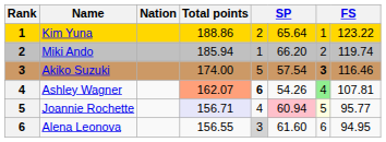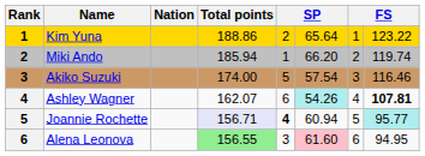 <table class="wikitable sortable">
 <tr>
 <th>Rank</th>
 <th>Name</th>
 <th>Nation</th>
 <th>Total points</th>
 <th colspan="2" width="80px"><a href='#'>SP</a></th>
 <th colspan="2" width="80px"><a href='#'>FS</a></th>
 </tr>
 <tr bgcolor="gold">
 <td align="center"><strong>1</strong></td>
 <td><a href='#'>Kim Yuna</a></td>
 <td></td>
 <td align="center">188.86</td>
 <td align="center">2</td>
 <td align="center">65.64</td>
 <td align="center">1</td>
 <td align="center">123.22</td>
 </tr>
 <tr bgcolor="silver">
 <td align="center"><strong>2</strong></td>
 <td><a href='#'>Miki Ando</a></td>
 <td></td>
 <td align="center">185.94</td>
 <td align="center">1</td>
 <td align="center">66.20</td>
 <td align="center">2</td>
 <td align="center">119.74</td>
 </tr>
 <tr bgcolor="cc9966">
 <td align="center"><strong>3</strong></td>
 <td><a href='#'>Akiko Suzuki</a></td>
 <td></td>
 <td align="center">174.00</td>
 <td align="center">5</td>
 <td align="center">57.54</td>
-<td align="center"><strong>3</strong></td>
+<td align="center">3</td>
 <td align="center">116.46</td>
 </tr>
 <tr>
 <th>4</th>
 <td><a href='#'>Ashley Wagner</a></td>
 <td></td>
-<td align="center" style="background: lightsalmon;">162.07</td>
-<td align="center"><strong>6</strong></td>
-<td align="center">54.26</td>
-<td align="center" style="background: lightgreen;">4</td>
-<td align="center">107.81</td>
+<td align="center">162.07</td>
+<td align="center">6</td>
+<td align="center" style="background: paleturquoise;">54.26</td>
+<td align="center">4</td>
+<td align="center"><strong>107.81</strong></td>
 </tr>
 <tr>
 <th>5</th>
 <td><a href='#'>Joannie Rochette</a></td>
 <td></td>
 <td align="center" style="background: lavender;">156.71</td>
-<td align="center">4</td>
-<td align="center" style="background: pink;">60.94</td>
-<td align="center" style="background: lightyellow;">5</td>
-<td align="center">95.77</td>
+<td align="center"><strong>4</strong></td>
+<td align="center">60.94</td>
+<td align="center">5</td>
+<td align="center" style="background: paleturquoise;">95.77</td>
 </tr>
 <tr>
 <th>6</th>
 <td><a href='#'>Alena Leonova</a></td>
 <td></td>
-<td align="center">156.55</td>
-<td align="center" style="background: lightgrey;">3</td>
-<td align="center">61.60</td>
+<td align="center" style="background: lightgreen;">156.55</td>
+<td align="center">3</td>
+<td align="center" style="background: pink;">61.60</td>
 <td align="center">6</td>
 <td align="center">94.95</td>
 </tr>
 </table>
